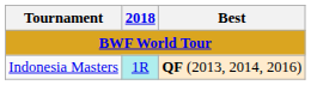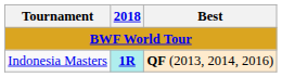 <table style='font-size: 90%; text-align:center;' class='wikitable'>
 <tr>
 <th>Tournament</th>
 <th><a href='#'>2018</a></th>
 <th>Best</th>
 </tr>
 <tr bgcolor=DAA520>
 <td colspan="3" align=center><strong><a href='#'>BWF World Tour</a></strong></td>
 </tr>
 <tr>
 <td align=left><a href='#'>Indonesia Masters</a></td>
-<td bgcolor=AFEEEE><a href='#'>1R</a></td>
+<td bgcolor=AFEEEE><strong><a href='#'>1R</a></strong></td>
 <td bgcolor=FFEBCD><strong>QF</strong> (2013, 2014, 2016)</td>
 </tr>
 </table>
